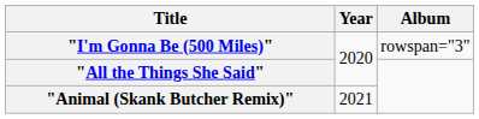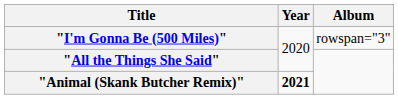 <table class="wikitable plainrowheaders" style="text-align:center;">
 <tr>
 <th scope="col" style="width:19em;">Title</th>
 <th scope="col" style="width:1em;">Year</th>
 <th scope="col">Album</th>
 </tr>
 <tr>
 <th scope="row">"<a href='#'>I'm Gonna Be (500 Miles)</a>"</th>
 <td rowspan="2">2020</td>
 <td>rowspan="3" </td>
 </tr>
 <tr>
 <th scope="row">"<a href='#'>All the Things She Said</a>"</th>
 </tr>
 <tr>
 <th scope="row">"Animal (Skank Butcher Remix)"</th>
-<td>2021</td>
+<td><strong>2021</strong></td>
 </tr>
 </table>
